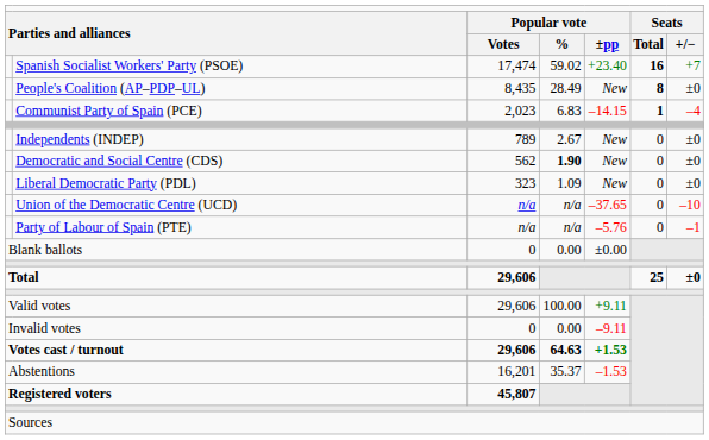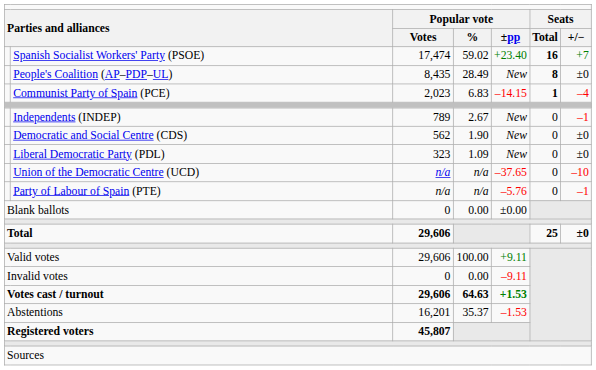 <table class="wikitable" style="text-align:right;">
 <tr>
 <td colspan="7"></td>
 </tr>
 <tr>
 <th style="text-align:left;" rowspan="2" colspan="2" width="525">Parties and alliances</th>
 <th colspan="3">Popular vote</th>
 <th colspan="2">Seats</th>
 </tr>
 <tr>
 <th width="75">Votes</th>
 <th width="45">%</th>
 <th width="45">±<a href='#'>pp</a></th>
 <th width="35">Total</th>
 <th width="35">+/−</th>
 </tr>
 <tr>
 <td width="1" style="color:inherit;background:"></td>
 <td align="left"><a href='#'>Spanish Socialist Workers' Party</a> (PSOE)</td>
 <td>17,474</td>
 <td>59.02</td>
 <td style="color:green;">+23.40</td>
 <td><strong>16</strong></td>
 <td style="color:green;">+7</td>
 </tr>
 <tr>
 <td style="color:inherit;background:"></td>
 <td align="left"><a href='#'>People's Coalition</a> (<a href='#'>AP</a>–<a href='#'>PDP</a>–<a href='#'>UL</a>)</td>
 <td>8,435</td>
 <td>28.49</td>
 <td><em>New</em></td>
 <td><strong>8</strong></td>
 <td>±0</td>
 </tr>
 <tr>
 <td style="color:inherit;background:"></td>
 <td align="left"><a href='#'>Communist Party of Spain</a> (PCE)</td>
 <td>2,023</td>
 <td>6.83</td>
 <td style="color:red;">–14.15</td>
 <td><strong>1</strong></td>
 <td style="color:red;">–4</td>
 </tr>
 <tr>
 <td colspan="7" bgcolor="#C0C0C0"></td>
 </tr>
 <tr>
 <td style="color:inherit;background:"></td>
 <td align="left"><a href='#'>Independents</a> (INDEP)</td>
 <td>789</td>
 <td>2.67</td>
 <td><em>New</em></td>
 <td>0</td>
-<td>±0</td>
+<td style="color:red;">–1</td>
 </tr>
 <tr>
 <td style="color:inherit;background:"></td>
 <td align="left"><a href='#'>Democratic and Social Centre</a> (CDS)</td>
 <td>562</td>
-<td><strong>1.90</strong></td>
+<td>1.90</td>
 <td><em>New</em></td>
 <td>0</td>
 <td>±0</td>
 </tr>
 <tr>
 <td style="color:inherit;background:"></td>
 <td align="left"><a href='#'>Liberal Democratic Party</a> (PDL)</td>
 <td>323</td>
 <td>1.09</td>
 <td><em>New</em></td>
 <td>0</td>
 <td>±0</td>
 </tr>
 <tr>
 <td style="color:inherit;background:"></td>
 <td align="left"><a href='#'>Union of the Democratic Centre</a> (UCD)</td>
 <td><em><a href='#'>n/a</a></em></td>
 <td><em>n/a</em></td>
 <td style="color:red;">–37.65</td>
 <td>0</td>
 <td style="color:red;">–10</td>
 </tr>
 <tr>
 <td style="color:inherit;background:"></td>
 <td align="left"><a href='#'>Party of Labour of Spain</a> (PTE)</td>
 <td><em>n/a</em></td>
 <td><em>n/a</em></td>
 <td style="color:red;">–5.76</td>
 <td>0</td>
 <td style="color:red;">–1</td>
 </tr>
 <tr>
 <td align="left" colspan="2">Blank ballots</td>
 <td>0</td>
 <td>0.00</td>
 <td>±0.00</td>
 <td bgcolor="#E9E9E9" colspan="2"></td>
 </tr>
 <tr>
 <td colspan="7" bgcolor="#E9E9E9"></td>
 </tr>
 <tr style="font-weight:bold;">
 <td align="left" colspan="2">Total</td>
 <td>29,606</td>
 <td bgcolor="#E9E9E9" colspan="2"></td>
 <td>25</td>
 <td>±0</td>
 </tr>
 <tr>
 <td colspan="7" bgcolor="#E9E9E9"></td>
 </tr>
 <tr>
 <td align="left" colspan="2">Valid votes</td>
 <td>29,606</td>
 <td>100.00</td>
 <td style="color:green;">+9.11</td>
 <td bgcolor="#E9E9E9" colspan="2" rowspan="5"></td>
 </tr>
 <tr>
 <td align="left" colspan="2">Invalid votes</td>
 <td>0</td>
 <td>0.00</td>
 <td style="color:red;">–9.11</td>
 </tr>
 <tr style="font-weight:bold;">
 <td align="left" colspan="2">Votes cast / turnout</td>
 <td>29,606</td>
 <td>64.63</td>
 <td style="color:green;">+1.53</td>
 </tr>
 <tr>
 <td align="left" colspan="2">Abstentions</td>
 <td>16,201</td>
 <td>35.37</td>
 <td style="color:red;">–1.53</td>
 </tr>
 <tr style="font-weight:bold;">
 <td align="left" colspan="2">Registered voters</td>
 <td>45,807</td>
 <td bgcolor="#E9E9E9" colspan="2"></td>
 </tr>
 <tr>
 <td colspan="7" bgcolor="#E9E9E9"></td>
 </tr>
 <tr>
 <td align="left" colspan="7">Sources</td>
 </tr>
 </table>
